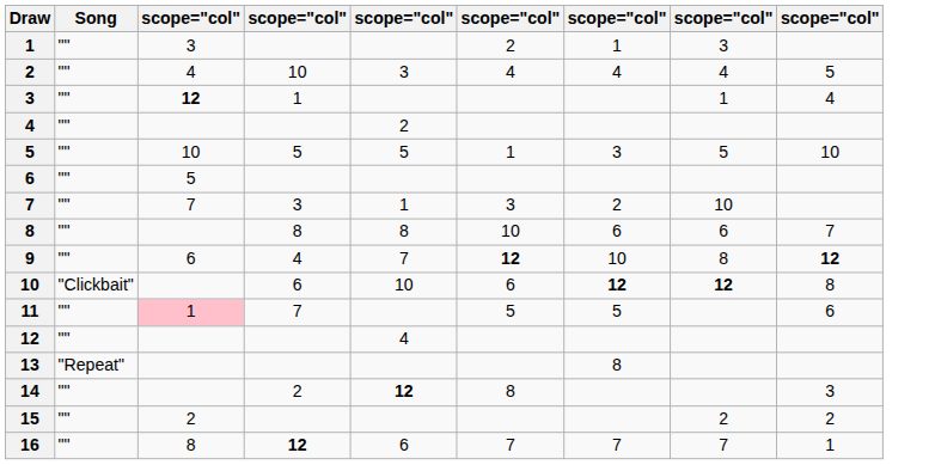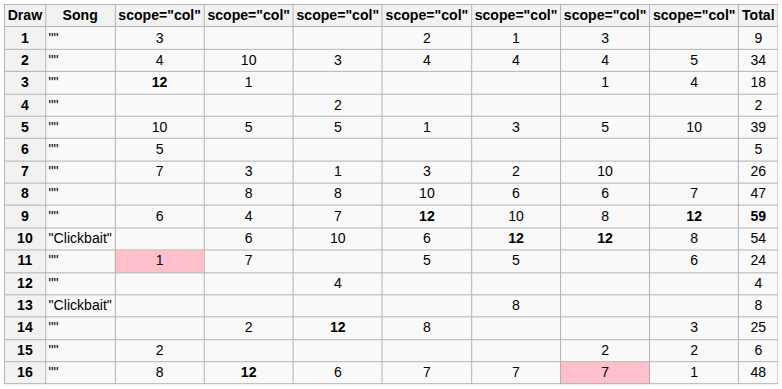 <table class="wikitable plainrowheaders" style="margin: 1em auto 1em auto; text-align:center;">
 <tr>
 <th>Draw</th>
 <th>Song</th>
 <th>scope="col" </th>
 <th>scope="col" </th>
 <th>scope="col" </th>
 <th>scope="col" </th>
 <th>scope="col" </th>
 <th>scope="col" </th>
 <th>scope="col" </th>
+<th>Total</th>
 </tr>
 <tr>
 <th scope="row" style="text-align:center">1</th>
 <td align="left">""</td>
 <td>3</td>
 <td></td>
 <td></td>
 <td>2</td>
 <td>1</td>
 <td>3</td>
 <td></td>
+<td>9</td>
 </tr>
 <tr>
 <th scope="row" style="text-align:center">2</th>
 <td align="left">""</td>
 <td>4</td>
 <td>10</td>
 <td>3</td>
 <td>4</td>
 <td>4</td>
 <td>4</td>
 <td>5</td>
+<td>34</td>
 </tr>
 <tr>
 <th scope="row" style="text-align:center">3</th>
 <td align="left">""</td>
 <td><strong>12</strong></td>
 <td>1</td>
 <td></td>
 <td></td>
 <td></td>
 <td>1</td>
 <td>4</td>
+<td>18</td>
 </tr>
 <tr>
 <th scope="row" style="text-align:center">4</th>
 <td align="left">""</td>
 <td></td>
 <td></td>
 <td>2</td>
 <td></td>
 <td></td>
 <td></td>
 <td></td>
+<td>2</td>
 </tr>
 <tr>
 <th scope="row" style="text-align:center">5</th>
 <td align="left">""</td>
 <td>10</td>
 <td>5</td>
 <td>5</td>
 <td>1</td>
 <td>3</td>
 <td>5</td>
 <td>10</td>
+<td>39</td>
 </tr>
 <tr>
 <th scope="row" style="text-align:center">6</th>
 <td align="left">""</td>
 <td>5</td>
 <td></td>
 <td></td>
 <td></td>
 <td></td>
 <td></td>
 <td></td>
+<td>5</td>
 </tr>
 <tr>
 <th scope="row" style="text-align:center">7</th>
 <td align="left">""</td>
 <td>7</td>
 <td>3</td>
 <td>1</td>
 <td>3</td>
 <td>2</td>
 <td>10</td>
 <td></td>
+<td>26</td>
 </tr>
 <tr>
 <th scope="row" style="text-align:center">8</th>
 <td align="left">""</td>
 <td></td>
 <td>8</td>
 <td>8</td>
 <td>10</td>
 <td>6</td>
 <td>6</td>
 <td>7</td>
+<td>47</td>
 </tr>
 <tr>
 <th scope="row" style="text-align:center">9</th>
 <td align="left">""</td>
 <td>6</td>
 <td>4</td>
 <td>7</td>
 <td><strong>12</strong></td>
 <td>10</td>
 <td>8</td>
 <td><strong>12</strong></td>
+<td><strong>59</strong></td>
 </tr>
 <tr>
 <th scope="row" style="text-align:center">10</th>
 <td align="left">"Clickbait"</td>
 <td></td>
 <td>6</td>
 <td>10</td>
 <td>6</td>
 <td><strong>12</strong></td>
 <td><strong>12</strong></td>
 <td>8</td>
+<td>54</td>
 </tr>
 <tr>
 <th scope="row" style="text-align:center">11</th>
 <td align="left">""</td>
 <td style="background: pink;">1</td>
 <td>7</td>
 <td></td>
 <td>5</td>
 <td>5</td>
 <td></td>
 <td>6</td>
+<td>24</td>
 </tr>
 <tr>
 <th scope="row" style="text-align:center">12</th>
 <td align="left">""</td>
 <td></td>
 <td></td>
 <td>4</td>
 <td></td>
 <td></td>
 <td></td>
 <td></td>
+<td>4</td>
 </tr>
 <tr>
 <th scope="row" style="text-align:center">13</th>
-<td align="left">"Repeat"</td>
+<td align="left">"Clickbait"</td>
 <td></td>
 <td></td>
 <td></td>
 <td></td>
 <td>8</td>
 <td></td>
 <td></td>
+<td>8</td>
 </tr>
 <tr>
 <th scope="row" style="text-align:center">14</th>
 <td align="left">""</td>
 <td></td>
 <td>2</td>
 <td><strong>12</strong></td>
 <td>8</td>
 <td></td>
 <td></td>
 <td>3</td>
+<td>25</td>
 </tr>
 <tr>
 <th scope="row" style="text-align:center">15</th>
 <td align="left">""</td>
 <td>2</td>
 <td></td>
 <td></td>
 <td></td>
 <td></td>
 <td>2</td>
 <td>2</td>
+<td>6</td>
 </tr>
 <tr>
 <th scope="row" style="text-align:center">16</th>
 <td align="left">""</td>
 <td>8</td>
 <td><strong>12</strong></td>
 <td>6</td>
 <td>7</td>
 <td>7</td>
-<td>7</td>
+<td style="background: pink;">7</td>
 <td>1</td>
+<td>48</td>
 </tr>
 </table>
